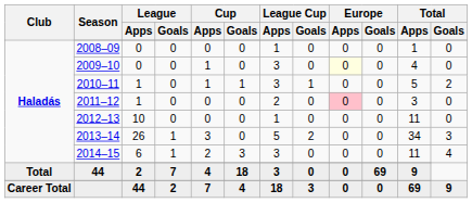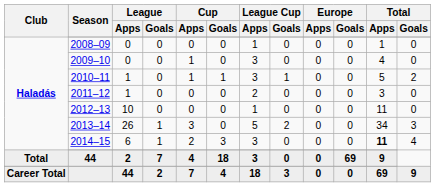 <table class="wikitable" style="font-size:90%; text-align: center;">
 <tr>
 <th rowspan="2">Club</th>
 <th rowspan="2">Season</th>
 <th colspan="2">League</th>
 <th colspan="2">Cup</th>
 <th colspan="2">League Cup</th>
 <th colspan="2">Europe</th>
 <th colspan="2">Total</th>
 </tr>
 <tr>
 <th>Apps</th>
 <th>Goals</th>
 <th>Apps</th>
 <th>Goals</th>
 <th>Apps</th>
 <th>Goals</th>
 <th>Apps</th>
 <th>Goals</th>
 <th>Apps</th>
 <th>Goals</th>
 </tr>
 <tr ||-||-||-|->
 <td rowspan="9" valign="center"><strong><a href='#'>Haladás</a></strong></td>
 </tr>
 <tr>
 <td><a href='#'>2008–09</a></td>
 <td>0</td>
 <td>0</td>
 <td>0</td>
 <td>0</td>
 <td>1</td>
 <td>0</td>
 <td>0</td>
 <td>0</td>
 <td>1</td>
 <td>0</td>
 </tr>
 <tr>
 <td><a href='#'>2009–10</a></td>
 <td>0</td>
 <td>0</td>
 <td>1</td>
 <td>0</td>
 <td>3</td>
 <td>0</td>
-<td style="background: lightyellow;">0</td>
+<td>0</td>
 <td>0</td>
 <td>4</td>
 <td>0</td>
 </tr>
 <tr>
 <td><a href='#'>2010–11</a></td>
 <td>1</td>
 <td>0</td>
 <td>1</td>
 <td>1</td>
 <td>3</td>
 <td>1</td>
 <td>0</td>
 <td>0</td>
 <td>5</td>
 <td>2</td>
 </tr>
 <tr>
 <td><a href='#'>2011–12</a></td>
 <td>1</td>
 <td>0</td>
 <td>0</td>
 <td>0</td>
 <td>2</td>
 <td>0</td>
-<td style="background: pink;">0</td>
+<td>0</td>
 <td>0</td>
 <td>3</td>
 <td>0</td>
 </tr>
 <tr>
 <td><a href='#'>2012–13</a></td>
 <td>10</td>
 <td>0</td>
 <td>0</td>
 <td>0</td>
 <td>1</td>
 <td>0</td>
 <td>0</td>
 <td>0</td>
 <td>11</td>
 <td>0</td>
 </tr>
 <tr>
 <td><a href='#'>2013–14</a></td>
 <td>26</td>
 <td>1</td>
 <td>3</td>
 <td>0</td>
 <td>5</td>
 <td>2</td>
 <td>0</td>
 <td>0</td>
 <td>34</td>
 <td>3</td>
 </tr>
 <tr>
 <td><a href='#'>2014–15</a></td>
 <td>6</td>
 <td>1</td>
 <td>2</td>
 <td>3</td>
 <td>3</td>
 <td>0</td>
 <td>0</td>
 <td>0</td>
-<td>11</td>
+<td><strong>11</strong></td>
 <td>4</td>
 </tr>
 <tr>
 </tr>
 <tr style="font-weight:bold; background-color:#eeeeee;">
 <td>Total</td>
 <td>44</td>
 <td>2</td>
 <td>7</td>
 <td>4</td>
 <td>18</td>
 <td>3</td>
 <td>0</td>
 <td>0</td>
 <td>69</td>
 <td>9</td>
 </tr>
 <tr>
 </tr>
 <tr style="font-weight:bold; background-color:#eeeeee;">
 <td rowspan="2" valign="top"><strong>Career Total</strong></td>
 <td></td>
 <td><strong>44</strong></td>
 <td><strong>2</strong></td>
 <td><strong>7</strong></td>
 <td><strong>4</strong></td>
 <td><strong>18</strong></td>
 <td><strong>3</strong></td>
 <td><strong>0</strong></td>
 <td><strong>0</strong></td>
 <td><strong>69</strong></td>
 <td><strong>9</strong></td>
 </tr>
 </table>
